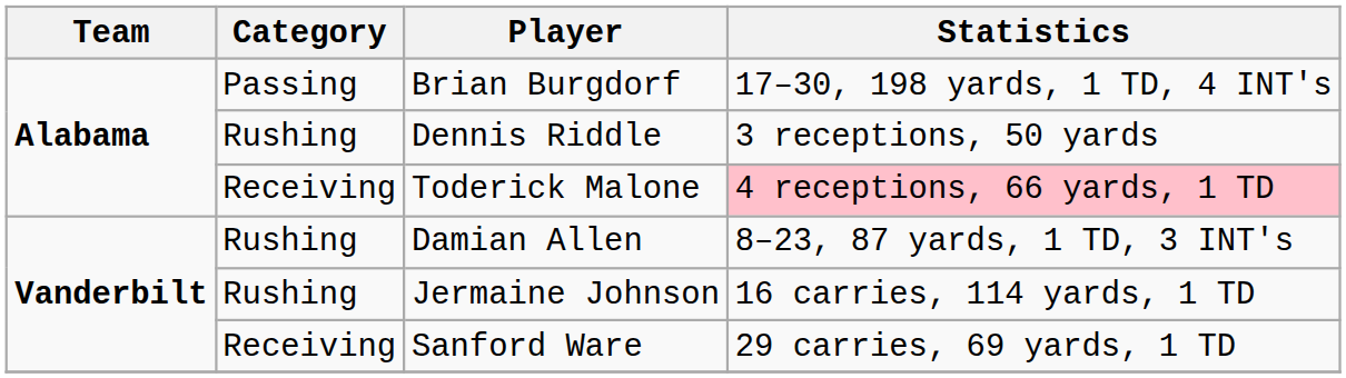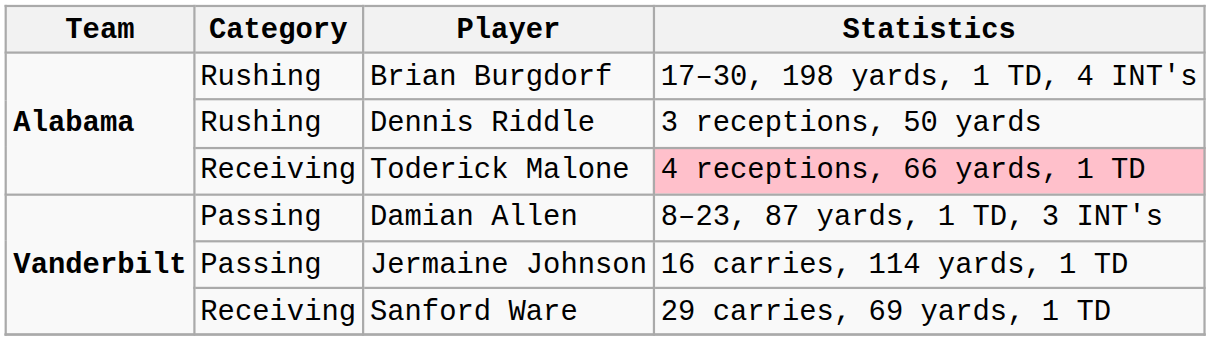 <table class="wikitable" style="float: right;">
 <tr>
 <th>Team</th>
 <th>Category</th>
 <th>Player</th>
 <th>Statistics</th>
 </tr>
 <tr>
 <td rowspan=3><strong>Alabama</strong></td>
-<td>Passing</td>
+<td>Rushing</td>
 <td>Brian Burgdorf</td>
 <td>17–30, 198 yards, 1 TD, 4 INT's</td>
 </tr>
 <tr>
 <td>Rushing</td>
 <td>Dennis Riddle</td>
 <td>3 receptions, 50 yards</td>
 </tr>
 <tr>
 <td>Receiving</td>
 <td>Toderick Malone</td>
 <td style="background: pink;">4 receptions, 66 yards, 1 TD</td>
 </tr>
 <tr>
 <td rowspan=3><strong>Vanderbilt</strong></td>
-<td>Rushing</td>
+<td>Passing</td>
 <td>Damian Allen</td>
 <td>8–23, 87 yards, 1 TD, 3 INT's</td>
 </tr>
 <tr>
-<td>Rushing</td>
+<td>Passing</td>
 <td>Jermaine Johnson</td>
 <td>16 carries, 114 yards, 1 TD</td>
 </tr>
 <tr>
 <td>Receiving</td>
 <td>Sanford Ware</td>
 <td>29 carries, 69 yards, 1 TD</td>
 </tr>
 <tr>
 </tr>
 </table>
